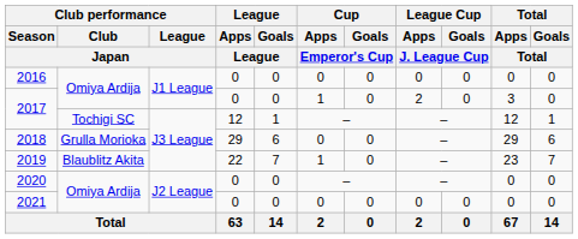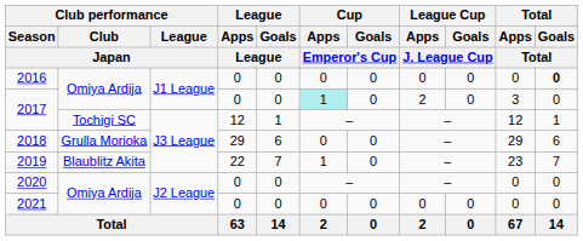 <table class="wikitable" style="text-align:center;">
 <tr>
 <th colspan=3>Club performance</th>
 <th colspan=2>League</th>
 <th colspan=2>Cup</th>
 <th colspan=2>League Cup</th>
 <th colspan=2>Total</th>
 </tr>
 <tr>
 <th>Season</th>
 <th>Club</th>
 <th>League</th>
 <th>Apps</th>
 <th>Goals</th>
 <th>Apps</th>
 <th>Goals</th>
 <th>Apps</th>
 <th>Goals</th>
 <th>Apps</th>
 <th>Goals</th>
 </tr>
 <tr>
 <th colspan=3>Japan</th>
 <th colspan=2>League</th>
 <th colspan=2><a href='#'>Emperor's Cup</a></th>
 <th colspan=2><a href='#'>J. League Cup</a></th>
 <th colspan=2>Total</th>
 </tr>
 <tr>
 <td><a href='#'>2016</a></td>
 <td rowspan="2"><a href='#'>Omiya Ardija</a></td>
 <td rowspan="2"><a href='#'>J1 League</a></td>
 <td>0</td>
 <td>0</td>
 <td>0</td>
 <td>0</td>
 <td>0</td>
 <td>0</td>
 <td>0</td>
-<td>0</td>
+<td><strong>0</strong></td>
 </tr>
 <tr>
 <td rowspan="2"><a href='#'>2017</a></td>
 <td>0</td>
 <td>0</td>
-<td>1</td>
+<td style="background: paleturquoise;">1</td>
 <td>0</td>
 <td>2</td>
 <td>0</td>
 <td>3</td>
 <td>0</td>
 </tr>
 <tr>
 <td><a href='#'>Tochigi SC</a></td>
 <td rowspan="3"><a href='#'>J3 League</a></td>
 <td>12</td>
 <td>1</td>
 <td colspan="2">–</td>
 <td colspan="2">–</td>
 <td>12</td>
 <td>1</td>
 </tr>
 <tr>
 <td><a href='#'>2018</a></td>
 <td rowspan="1"><a href='#'>Grulla Morioka</a></td>
 <td>29</td>
 <td>6</td>
 <td>0</td>
 <td>0</td>
 <td colspan="2">–</td>
 <td>29</td>
 <td>6</td>
 </tr>
 <tr>
 <td><a href='#'>2019</a></td>
 <td rowspan="1"><a href='#'>Blaublitz Akita</a></td>
 <td>22</td>
 <td>7</td>
 <td>1</td>
 <td>0</td>
 <td colspan="2">–</td>
 <td>23</td>
 <td>7</td>
 </tr>
 <tr>
 <td><a href='#'>2020</a></td>
 <td rowspan="2"><a href='#'>Omiya Ardija</a></td>
 <td rowspan="2"><a href='#'>J2 League</a></td>
 <td>0</td>
 <td>0</td>
 <td colspan="2">–</td>
 <td colspan="2">–</td>
 <td>0</td>
 <td>0</td>
 </tr>
 <tr>
 <td><a href='#'>2021</a></td>
 <td>0</td>
 <td>0</td>
 <td>0</td>
 <td>0</td>
 <td>0</td>
 <td>0</td>
 <td>0</td>
 <td>0</td>
 </tr>
 <tr>
 <th colspan=3>Total</th>
 <th>63</th>
 <th>14</th>
 <th>2</th>
 <th>0</th>
 <th>2</th>
 <th>0</th>
 <th>67</th>
 <th>14</th>
 </tr>
 </table>
